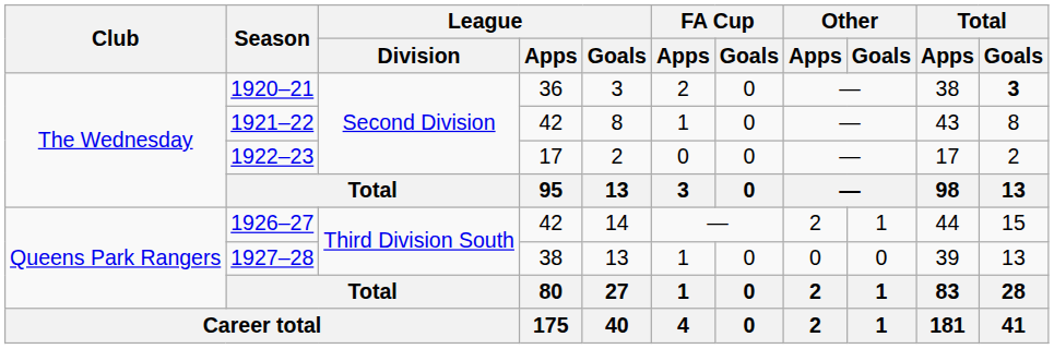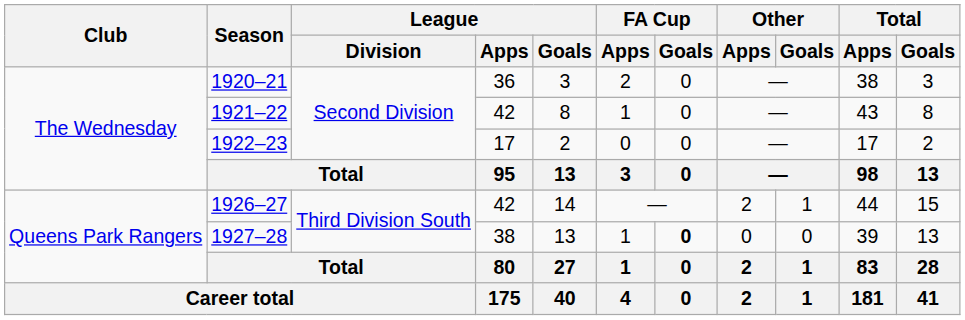 <table class="wikitable" style="text-align: center">
 <tr>
 <th rowspan="2">Club</th>
 <th rowspan="2">Season</th>
 <th colspan="3">League</th>
 <th colspan="2">FA Cup</th>
 <th colspan="2">Other</th>
 <th colspan="2">Total</th>
 </tr>
 <tr>
 <th>Division</th>
 <th>Apps</th>
 <th>Goals</th>
 <th>Apps</th>
 <th>Goals</th>
 <th>Apps</th>
 <th>Goals</th>
 <th>Apps</th>
 <th>Goals</th>
 </tr>
 <tr>
 <td rowspan="4"><a href='#'>The Wednesday</a></td>
 <td><a href='#'>1920–21</a></td>
 <td rowspan="3"><a href='#'>Second Division</a></td>
 <td>36</td>
 <td>3</td>
 <td>2</td>
 <td>0</td>
 <td colspan="2">—</td>
 <td>38</td>
-<td><strong>3</strong></td>
+<td>3</td>
 </tr>
 <tr>
 <td><a href='#'>1921–22</a></td>
 <td>42</td>
 <td>8</td>
 <td>1</td>
 <td>0</td>
 <td colspan="2">—</td>
 <td>43</td>
 <td>8</td>
 </tr>
 <tr>
 <td><a href='#'>1922–23</a></td>
 <td>17</td>
 <td>2</td>
 <td>0</td>
 <td>0</td>
 <td colspan="2">—</td>
 <td>17</td>
 <td>2</td>
 </tr>
 <tr>
 <th colspan="2">Total</th>
 <th>95</th>
 <th>13</th>
 <th>3</th>
 <th>0</th>
 <th colspan="2">—</th>
 <th>98</th>
 <th>13</th>
 </tr>
 <tr>
 <td rowspan="3"><a href='#'>Queens Park Rangers</a></td>
 <td><a href='#'>1926–27</a></td>
 <td rowspan="2"><a href='#'>Third Division South</a></td>
 <td>42</td>
 <td>14</td>
 <td colspan="2">—</td>
 <td>2</td>
 <td>1</td>
 <td>44</td>
 <td>15</td>
 </tr>
 <tr>
 <td><a href='#'>1927–28</a></td>
 <td>38</td>
 <td>13</td>
 <td>1</td>
-<td>0</td>
+<td><strong>0</strong></td>
 <td>0</td>
 <td>0</td>
 <td>39</td>
 <td>13</td>
 </tr>
 <tr>
 <th colspan="2">Total</th>
 <th>80</th>
 <th>27</th>
 <th>1</th>
 <th>0</th>
 <th>2</th>
 <th>1</th>
 <th>83</th>
 <th>28</th>
 </tr>
 <tr>
 <th colspan="3">Career total</th>
 <th>175</th>
 <th>40</th>
 <th>4</th>
 <th>0</th>
 <th>2</th>
 <th>1</th>
 <th>181</th>
 <th>41</th>
 </tr>
 </table>
